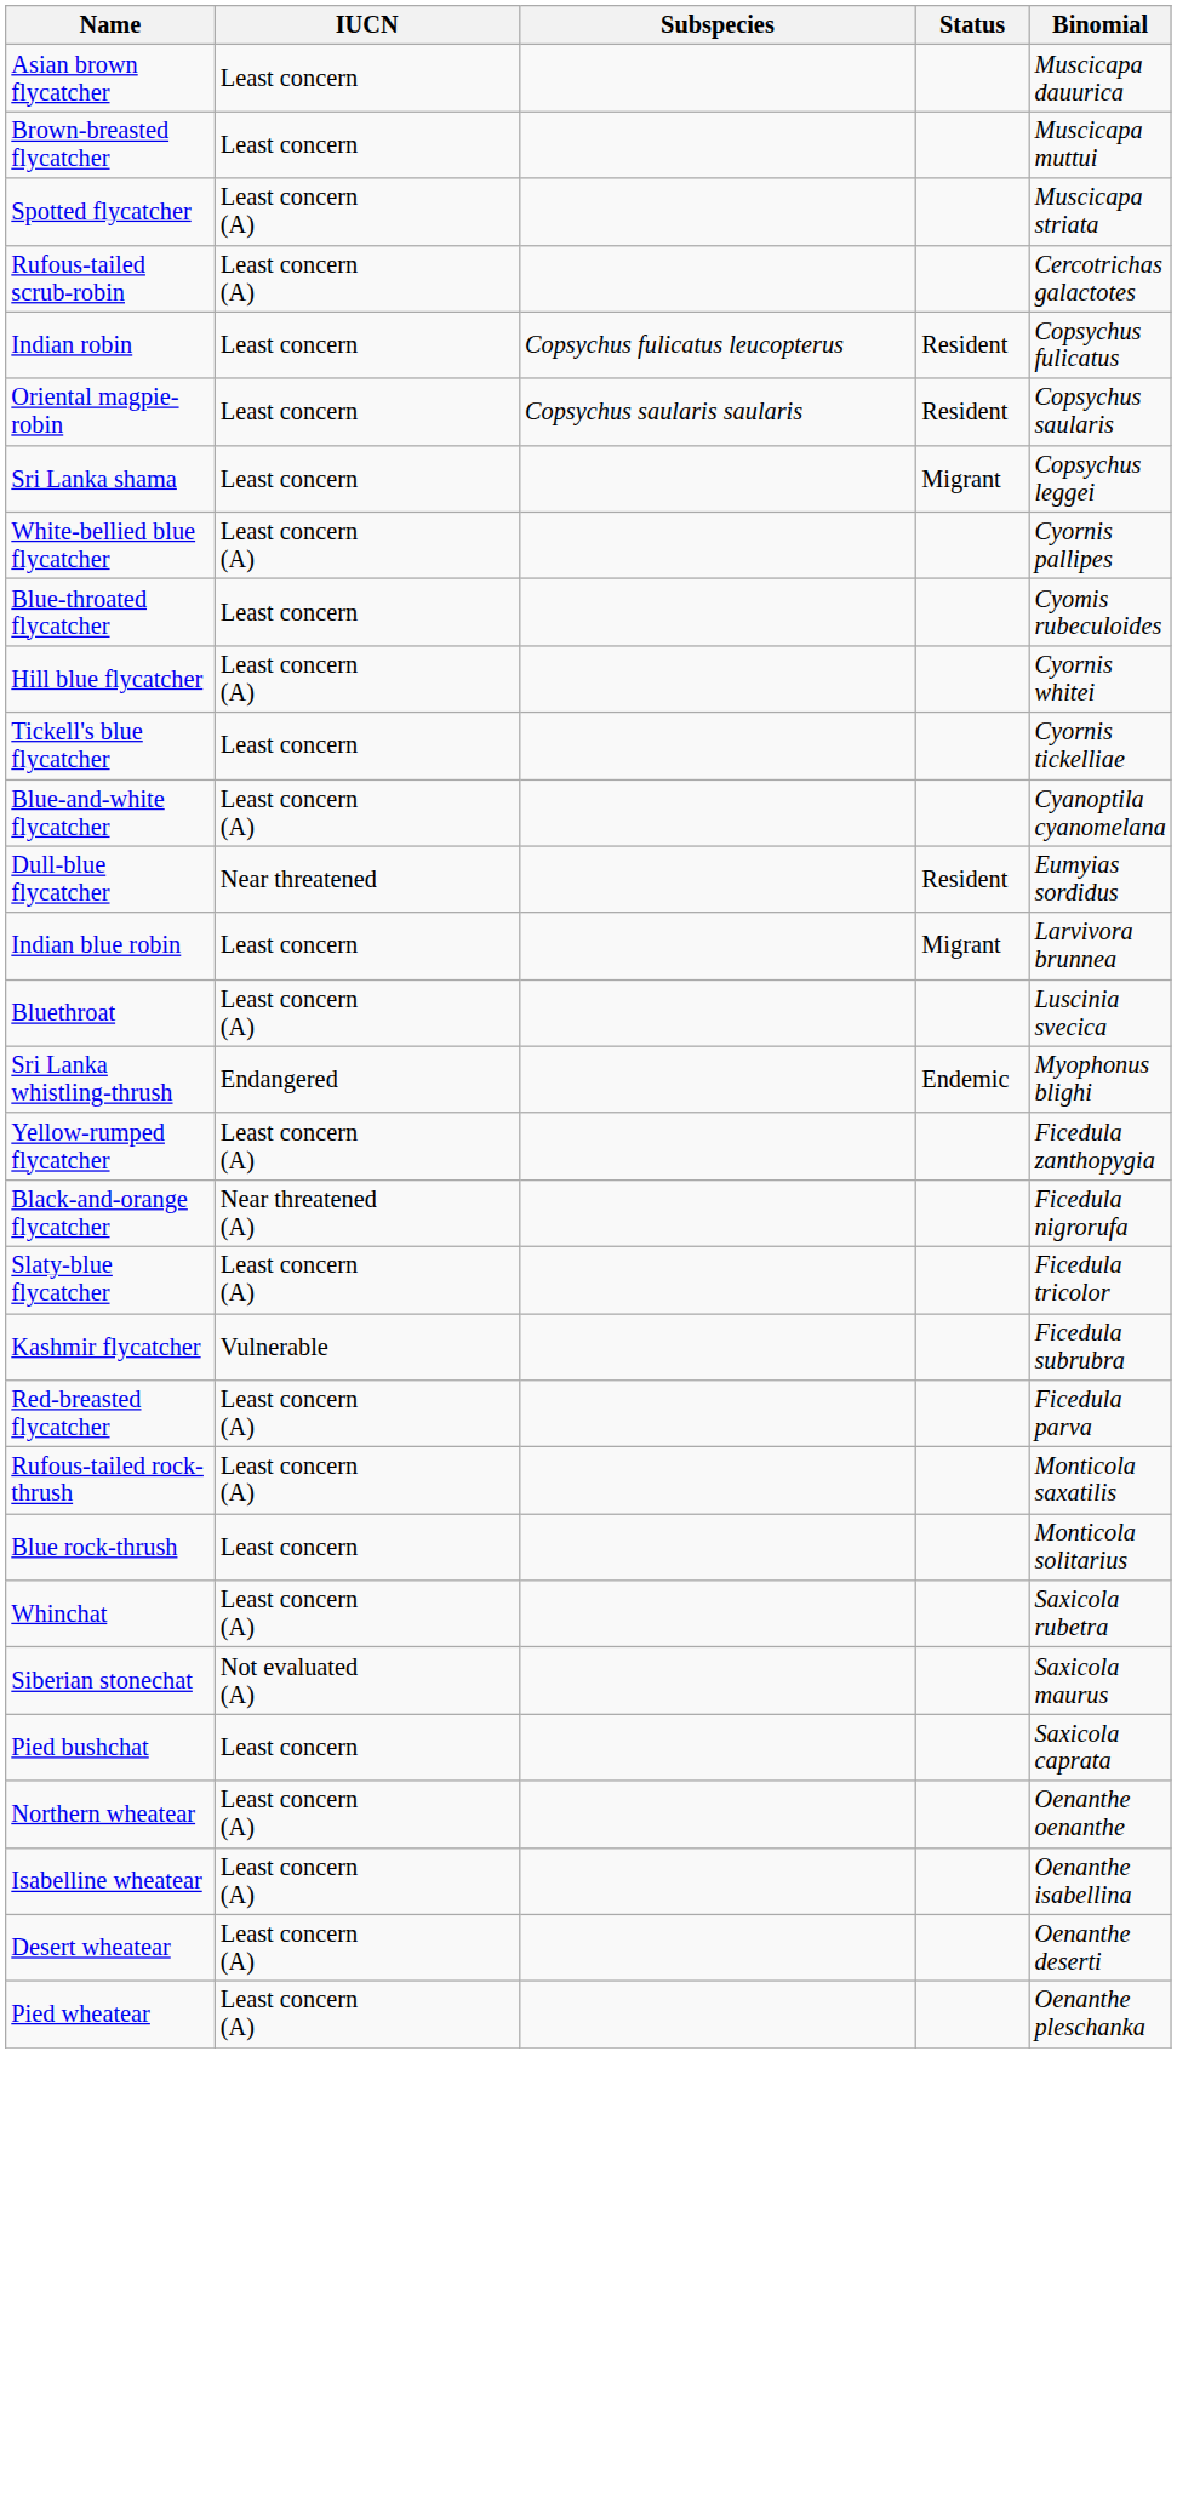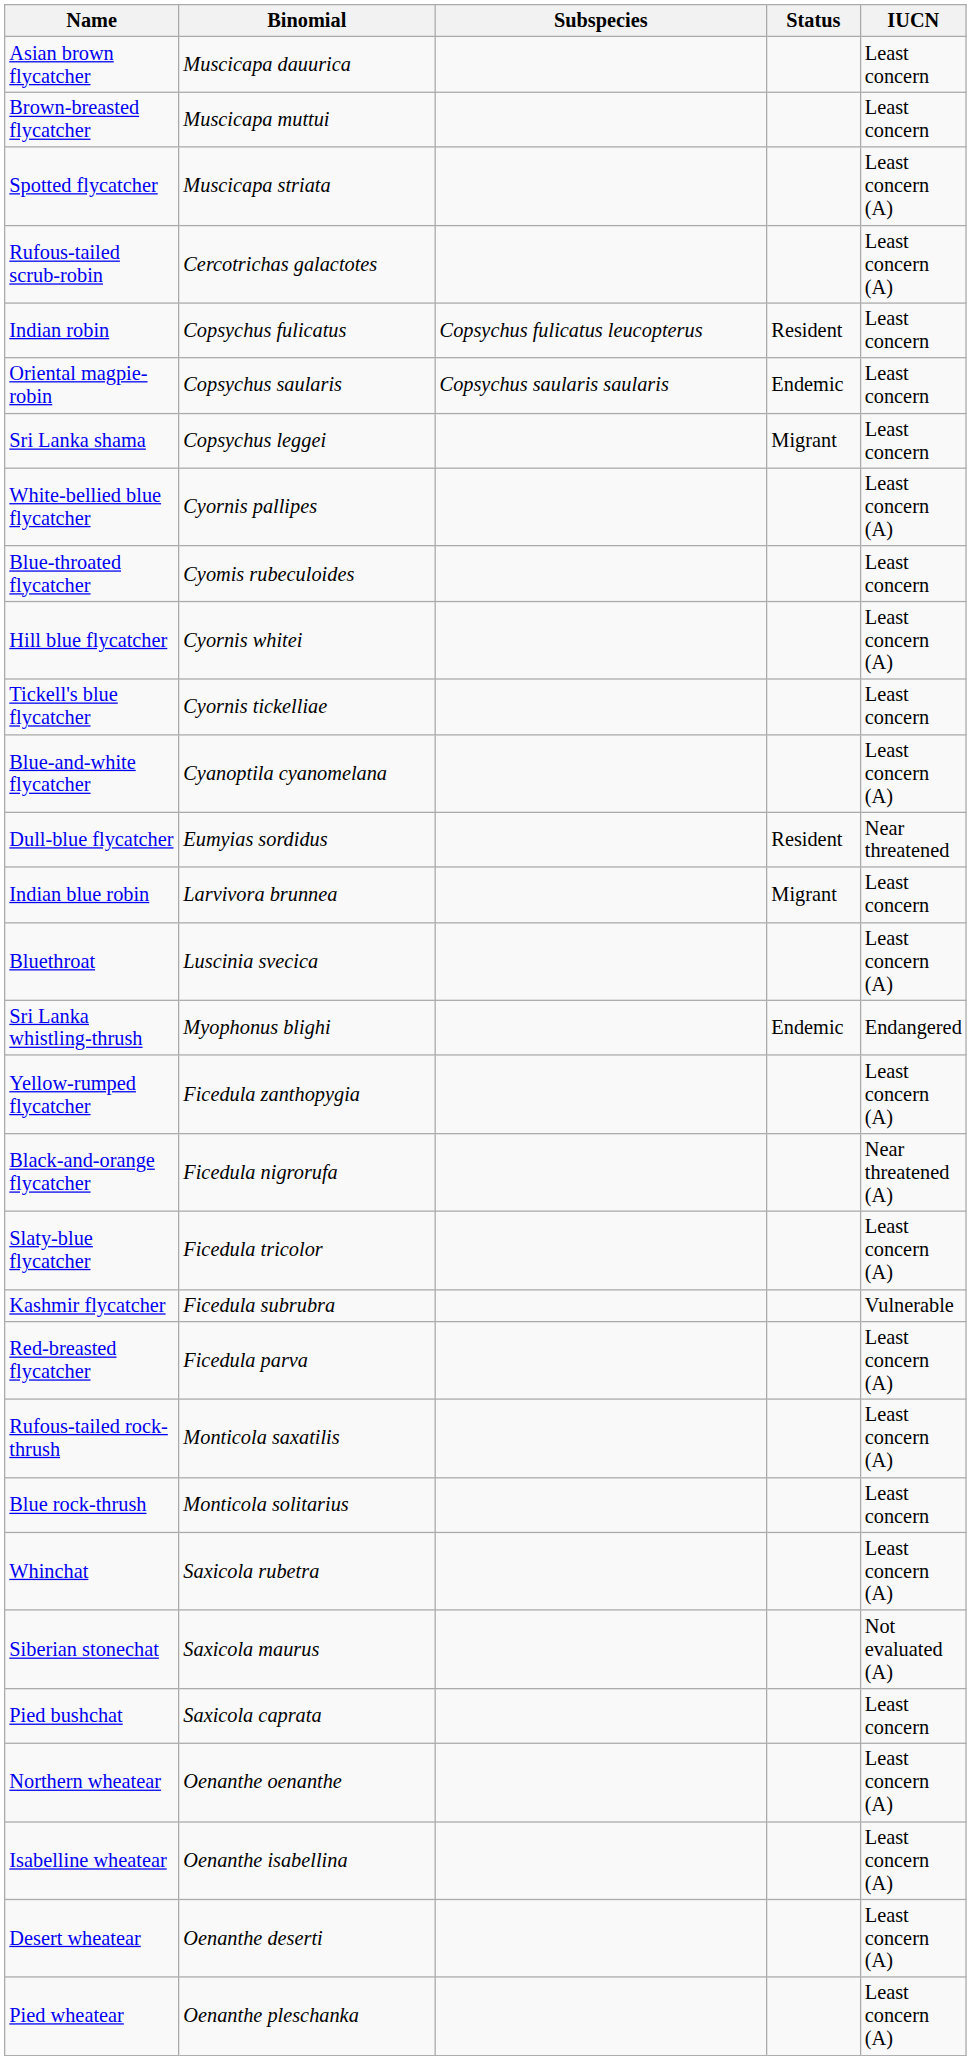 <table width=60% class="wikitable">
 <tr>
 <th width=20%>Name</th>
-<th width=30%>IUCN</th>
+<th width=30%>Binomial</th>
 <th width=40%>Subspecies</th>
 <th width=30%>Status</th>
-<th width=30%>Binomial</th>
+<th width=30%>IUCN</th>
 </tr>
 <tr>
 <td><a href='#'>Asian brown flycatcher</a><br></td>
-<td>Least concern</td>
+<td><em>Muscicapa dauurica</em></td>
 <td></td>
 <td></td>
-<td><em>Muscicapa dauurica</em></td>
+<td>Least concern</td>
 </tr>
 <tr>
 <td><a href='#'>Brown-breasted flycatcher</a><br></td>
-<td>Least concern</td>
+<td><em>Muscicapa muttui</em></td>
 <td></td>
 <td></td>
-<td><em>Muscicapa muttui</em></td>
+<td>Least concern</td>
 </tr>
 <tr>
 <td><a href='#'>Spotted flycatcher</a><br></td>
-<td>Least concern<br>(A)</td>
+<td><em>Muscicapa striata</em></td>
 <td></td>
 <td></td>
-<td><em>Muscicapa striata</em></td>
+<td>Least concern<br>(A)</td>
 </tr>
 <tr>
 <td><a href='#'>Rufous-tailed scrub-robin</a><br></td>
-<td>Least concern<br>(A)</td>
+<td><em>Cercotrichas galactotes</em></td>
 <td></td>
 <td></td>
-<td><em>Cercotrichas galactotes</em></td>
+<td>Least concern<br>(A)</td>
 </tr>
 <tr>
 <td><a href='#'>Indian robin</a><br> </td>
-<td>Least concern</td>
+<td><em>Copsychus fulicatus</em></td>
 <td><em>Copsychus fulicatus leucopterus</em></td>
 <td>Resident</td>
-<td><em>Copsychus fulicatus</em></td>
+<td>Least concern</td>
 </tr>
 <tr>
 <td><a href='#'>Oriental magpie-robin</a><br></td>
+<td><em>Copsychus saularis</em></td>
+<td><em>Copsychus saularis saularis</em></td>
+<td>Endemic</td>
 <td>Least concern</td>
-<td><em>Copsychus saularis saularis</em></td>
-<td>Resident</td>
-<td><em>Copsychus saularis</em></td>
 </tr>
 <tr>
 <td><a href='#'>Sri Lanka shama</a><br></td>
-<td>Least concern</td>
+<td><em>Copsychus leggei</em></td>
 <td></td>
 <td>Migrant</td>
-<td><em>Copsychus leggei</em></td>
+<td>Least concern</td>
 </tr>
 <tr>
 <td><a href='#'>White-bellied blue flycatcher</a><br> </td>
-<td>Least concern<br>(A)</td>
+<td><em>Cyornis pallipes</em></td>
 <td></td>
 <td></td>
-<td><em>Cyornis pallipes</em></td>
+<td>Least concern<br>(A)</td>
 </tr>
 <tr>
 <td><a href='#'>Blue-throated flycatcher</a><br></td>
-<td>Least concern</td>
+<td><em>Cyomis rubeculoides</em></td>
 <td></td>
 <td></td>
-<td><em>Cyomis rubeculoides</em></td>
+<td>Least concern</td>
 </tr>
 <tr>
 <td><a href='#'>Hill blue flycatcher</a><br></td>
-<td>Least concern<br>(A)</td>
+<td><em>Cyornis whitei</em></td>
 <td></td>
 <td></td>
-<td><em>Cyornis whitei</em></td>
+<td>Least concern<br>(A)</td>
 </tr>
 <tr>
 <td><a href='#'>Tickell's blue flycatcher</a><br></td>
-<td>Least concern</td>
+<td><em>Cyornis tickelliae</em></td>
 <td></td>
 <td></td>
-<td><em>Cyornis tickelliae</em></td>
+<td>Least concern</td>
 </tr>
 <tr>
 <td><a href='#'>Blue-and-white flycatcher</a><br></td>
-<td>Least concern<br>(A)</td>
+<td><em>Cyanoptila cyanomelana</em></td>
 <td></td>
 <td></td>
-<td><em>Cyanoptila cyanomelana</em></td>
+<td>Least concern<br>(A)</td>
 </tr>
 <tr>
 <td><a href='#'>Dull-blue flycatcher</a><br></td>
-<td>Near threatened</td>
+<td><em>Eumyias sordidus</em></td>
 <td></td>
 <td>Resident</td>
-<td><em>Eumyias sordidus</em></td>
+<td>Near threatened</td>
 </tr>
 <tr>
 <td><a href='#'>Indian blue robin</a><br></td>
-<td>Least concern</td>
+<td><em>Larvivora brunnea</em></td>
 <td></td>
 <td>Migrant</td>
-<td><em>Larvivora brunnea</em></td>
+<td>Least concern</td>
 </tr>
 <tr>
 <td><a href='#'>Bluethroat</a><br></td>
-<td>Least concern<br>(A)</td>
+<td><em>Luscinia svecica</em></td>
 <td></td>
 <td></td>
-<td><em>Luscinia svecica</em></td>
+<td>Least concern<br>(A)</td>
 </tr>
 <tr>
 <td><a href='#'>Sri Lanka whistling-thrush</a><br> </td>
-<td>Endangered</td>
+<td><em>Myophonus blighi</em></td>
 <td></td>
 <td>Endemic</td>
-<td><em>Myophonus blighi</em></td>
+<td>Endangered</td>
 </tr>
 <tr>
 <td><a href='#'>Yellow-rumped flycatcher</a><br></td>
-<td>Least concern<br>(A)</td>
+<td><em>Ficedula zanthopygia</em></td>
 <td></td>
 <td></td>
-<td><em>Ficedula zanthopygia</em></td>
+<td>Least concern<br>(A)</td>
 </tr>
 <tr>
 <td><a href='#'>Black-and-orange flycatcher</a><br></td>
-<td>Near threatened<br>(A)</td>
+<td><em>Ficedula nigrorufa</em></td>
 <td></td>
 <td></td>
-<td><em>Ficedula nigrorufa</em></td>
+<td>Near threatened<br>(A)</td>
 </tr>
 <tr>
 <td><a href='#'>Slaty-blue flycatcher</a><br> </td>
-<td>Least concern<br>(A)</td>
+<td><em>Ficedula tricolor</em></td>
 <td></td>
 <td></td>
-<td><em>Ficedula tricolor</em></td>
+<td>Least concern<br>(A)</td>
 </tr>
 <tr>
 <td><a href='#'>Kashmir flycatcher</a><br></td>
-<td>Vulnerable</td>
+<td><em>Ficedula subrubra</em></td>
 <td></td>
 <td></td>
-<td><em>Ficedula subrubra</em></td>
+<td>Vulnerable</td>
 </tr>
 <tr>
 <td><a href='#'>Red-breasted flycatcher</a><br></td>
-<td>Least concern<br>(A)</td>
+<td><em>Ficedula parva</em></td>
 <td></td>
 <td></td>
-<td><em>Ficedula parva</em></td>
+<td>Least concern<br>(A)</td>
 </tr>
 <tr>
 <td><a href='#'>Rufous-tailed rock-thrush</a><br></td>
-<td>Least concern<br>(A)</td>
+<td><em>Monticola saxatilis</em></td>
 <td></td>
 <td></td>
-<td><em>Monticola saxatilis</em></td>
+<td>Least concern<br>(A)</td>
 </tr>
 <tr>
 <td><a href='#'>Blue rock-thrush</a><br></td>
-<td>Least concern</td>
+<td><em>Monticola solitarius</em></td>
 <td></td>
 <td></td>
-<td><em>Monticola solitarius</em></td>
+<td>Least concern</td>
 </tr>
 <tr>
 <td><a href='#'>Whinchat</a><br></td>
-<td>Least concern<br>(A)</td>
+<td><em>Saxicola rubetra</em></td>
 <td></td>
 <td></td>
-<td><em>Saxicola rubetra</em></td>
+<td>Least concern<br>(A)</td>
 </tr>
 <tr>
 <td><a href='#'>Siberian stonechat</a><br></td>
-<td>Not evaluated<br>(A)</td>
+<td><em>Saxicola maurus</em></td>
 <td></td>
 <td></td>
-<td><em>Saxicola maurus</em></td>
+<td>Not evaluated<br>(A)</td>
 </tr>
 <tr>
 <td><a href='#'>Pied bushchat</a><br> </td>
-<td>Least concern</td>
+<td><em>Saxicola caprata</em></td>
 <td></td>
 <td></td>
-<td><em>Saxicola caprata</em></td>
+<td>Least concern</td>
 </tr>
 <tr>
 <td><a href='#'>Northern wheatear</a><br></td>
-<td>Least concern<br>(A)</td>
+<td><em>Oenanthe oenanthe</em></td>
 <td></td>
 <td></td>
-<td><em>Oenanthe oenanthe</em></td>
+<td>Least concern<br>(A)</td>
 </tr>
 <tr>
 <td><a href='#'>Isabelline wheatear</a><br></td>
-<td>Least concern<br>(A)</td>
+<td><em>Oenanthe isabellina</em></td>
 <td></td>
 <td></td>
-<td><em>Oenanthe isabellina</em></td>
+<td>Least concern<br>(A)</td>
 </tr>
 <tr>
 <td><a href='#'>Desert wheatear</a><br></td>
-<td>Least concern<br>(A)</td>
+<td><em>Oenanthe deserti</em></td>
 <td></td>
 <td></td>
-<td><em>Oenanthe deserti</em></td>
+<td>Least concern<br>(A)</td>
 </tr>
 <tr>
 <td><a href='#'>Pied wheatear</a><br></td>
-<td>Least concern<br>(A)</td>
+<td><em>Oenanthe pleschanka</em></td>
 <td></td>
 <td></td>
-<td><em>Oenanthe pleschanka</em></td>
+<td>Least concern<br>(A)</td>
 </tr>
 </table>
